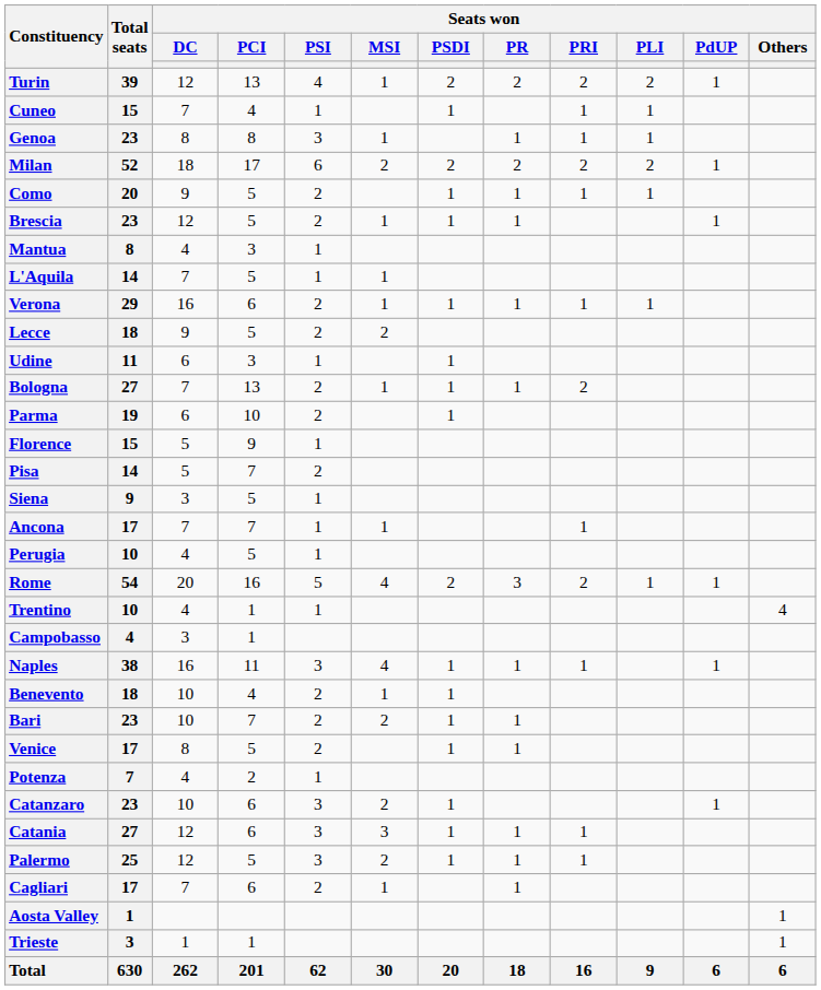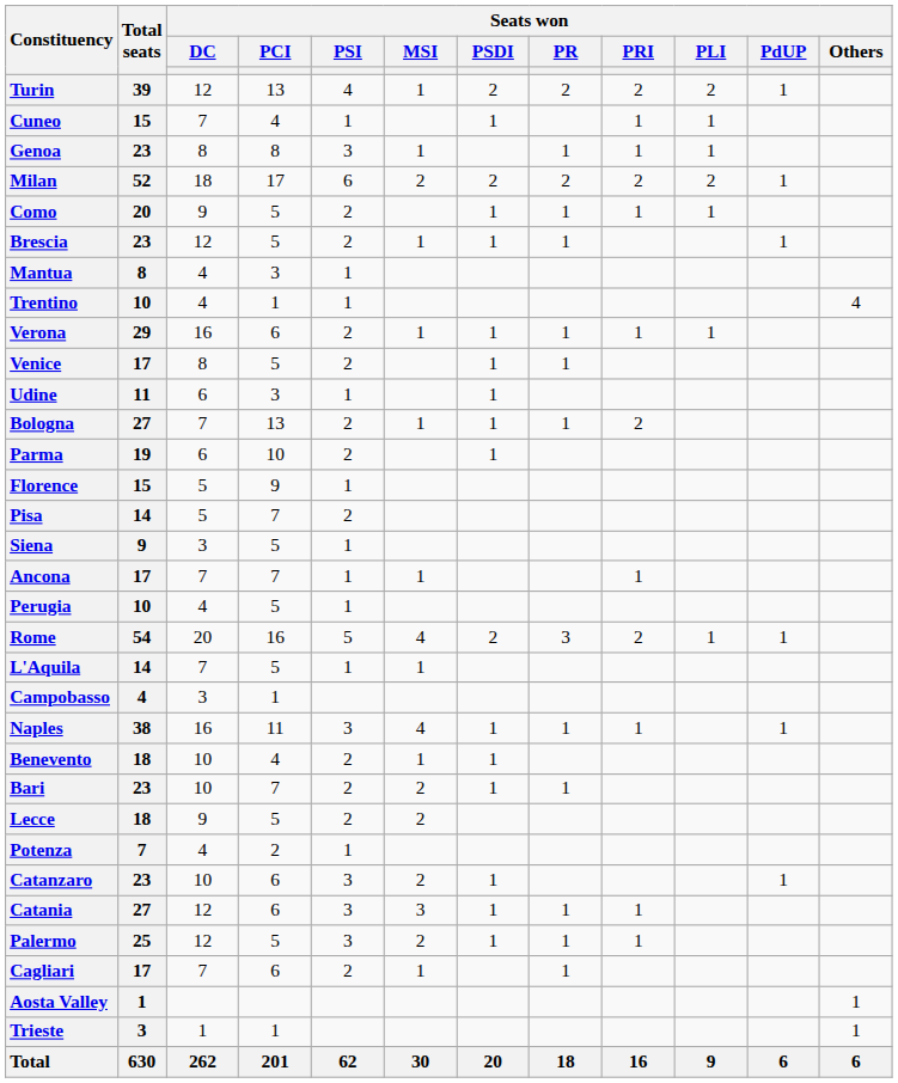 <table class="wikitable" style="text-align:center; font-size: 0.9em">
 <tr>
 <th rowspan="3">Constituency</th>
 <th rowspan="3">Total<br>seats</th>
 <th colspan="10">Seats won</th>
 </tr>
 <tr>
 <th class="unsortable" style="width:50px;"><a href='#'>DC</a></th>
 <th class="unsortable" style="width:50px;"><a href='#'>PCI</a></th>
 <th class="unsortable" style="width:50px;"><a href='#'>PSI</a></th>
 <th class="unsortable" style="width:50px;"><a href='#'>MSI</a></th>
 <th class="unsortable" style="width:50px;"><a href='#'>PSDI</a></th>
 <th class="unsortable" style="width:50px;"><a href='#'>PR</a></th>
 <th class="unsortable" style="width:50px;"><a href='#'>PRI</a></th>
 <th class="unsortable" style="width:50px;"><a href='#'>PLI</a></th>
 <th class="unsortable" style="width:50px;"><a href='#'>PdUP</a></th>
 <th class="unsortable" style="width:50px;">Others</th>
 </tr>
 <tr>
 <th style="background:"></th>
 <th style="background:"></th>
 <th style="background:"></th>
 <th style="background:"></th>
 <th style="background:"></th>
 <th style="background:"></th>
 <th style="background:"></th>
 <th style="background:"></th>
 <th style="background:"></th>
 <th style="background:"></th>
 </tr>
 <tr>
 <th style="text-align: left;"><a href='#'>Turin</a></th>
 <th>39</th>
 <td>12</td>
 <td>13</td>
 <td>4</td>
 <td>1</td>
 <td>2</td>
 <td>2</td>
 <td>2</td>
 <td>2</td>
 <td>1</td>
 <td></td>
 </tr>
 <tr>
 <th style="text-align: left;"><a href='#'>Cuneo</a></th>
 <th>15</th>
 <td>7</td>
 <td>4</td>
 <td>1</td>
 <td></td>
 <td>1</td>
 <td></td>
 <td>1</td>
 <td>1</td>
 <td></td>
 <td></td>
 </tr>
 <tr>
 <th style="text-align: left;"><a href='#'>Genoa</a></th>
 <th>23</th>
 <td>8</td>
 <td>8</td>
 <td>3</td>
 <td>1</td>
 <td></td>
 <td>1</td>
 <td>1</td>
 <td>1</td>
 <td></td>
 <td></td>
 </tr>
 <tr>
 <th style="text-align: left;"><a href='#'>Milan</a></th>
 <th>52</th>
 <td>18</td>
 <td>17</td>
 <td>6</td>
 <td>2</td>
 <td>2</td>
 <td>2</td>
 <td>2</td>
 <td>2</td>
 <td>1</td>
 <td></td>
 </tr>
 <tr>
 <th style="text-align: left;"><a href='#'>Como</a></th>
 <th>20</th>
 <td>9</td>
 <td>5</td>
 <td>2</td>
 <td></td>
 <td>1</td>
 <td>1</td>
 <td>1</td>
 <td>1</td>
 <td></td>
 <td></td>
 </tr>
 <tr>
 <th style="text-align: left;"><a href='#'>Brescia</a></th>
 <th>23</th>
 <td>12</td>
 <td>5</td>
 <td>2</td>
 <td>1</td>
 <td>1</td>
 <td>1</td>
 <td></td>
 <td></td>
 <td>1</td>
 <td></td>
 </tr>
 <tr>
 <th style="text-align: left;"><a href='#'>Mantua</a></th>
 <th>8</th>
 <td>4</td>
 <td>3</td>
 <td>1</td>
 <td></td>
 <td></td>
 <td></td>
 <td></td>
 <td></td>
 <td></td>
 <td></td>
 </tr>
 <tr>
-<th style="text-align: left;"><a href='#'>L'Aquila</a></th>
-<th>14</th>
-<td>7</td>
-<td>5</td>
+<th style="text-align: left;"><a href='#'>Trentino</a></th>
+<th>10</th>
+<td>4</td>
 <td>1</td>
 <td>1</td>
 <td></td>
 <td></td>
 <td></td>
 <td></td>
 <td></td>
 <td></td>
+<td>4</td>
 </tr>
 <tr>
 <th style="text-align: left;"><a href='#'>Verona</a></th>
 <th>29</th>
 <td>16</td>
 <td>6</td>
 <td>2</td>
 <td>1</td>
 <td>1</td>
 <td>1</td>
 <td>1</td>
 <td>1</td>
 <td></td>
 <td></td>
 </tr>
 <tr>
-<th style="text-align: left;"><a href='#'>Lecce</a></th>
-<th>18</th>
-<td>9</td>
+<th style="text-align: left;"><a href='#'>Venice</a></th>
+<th>17</th>
+<td>8</td>
 <td>5</td>
 <td>2</td>
-<td>2</td>
 <td></td>
-<td></td>
+<td>1</td>
+<td>1</td>
 <td></td>
 <td></td>
 <td></td>
 <td></td>
 </tr>
 <tr>
 <th style="text-align: left;"><a href='#'>Udine</a></th>
 <th>11</th>
 <td>6</td>
 <td>3</td>
 <td>1</td>
 <td></td>
 <td>1</td>
 <td></td>
 <td></td>
 <td></td>
 <td></td>
 <td></td>
 </tr>
 <tr>
 <th style="text-align: left;"><a href='#'>Bologna</a></th>
 <th>27</th>
 <td>7</td>
 <td>13</td>
 <td>2</td>
 <td>1</td>
 <td>1</td>
 <td>1</td>
 <td>2</td>
 <td></td>
 <td></td>
 <td></td>
 </tr>
 <tr>
 <th style="text-align: left;"><a href='#'>Parma</a></th>
 <th>19</th>
 <td>6</td>
 <td>10</td>
 <td>2</td>
 <td></td>
 <td>1</td>
 <td></td>
 <td></td>
 <td></td>
 <td></td>
 <td></td>
 </tr>
 <tr>
 <th style="text-align: left;"><a href='#'>Florence</a></th>
 <th>15</th>
 <td>5</td>
 <td>9</td>
 <td>1</td>
 <td></td>
 <td></td>
 <td></td>
 <td></td>
 <td></td>
 <td></td>
 <td></td>
 </tr>
 <tr>
 <th style="text-align: left;"><a href='#'>Pisa</a></th>
 <th>14</th>
 <td>5</td>
 <td>7</td>
 <td>2</td>
 <td></td>
 <td></td>
 <td></td>
 <td></td>
 <td></td>
 <td></td>
 <td></td>
 </tr>
 <tr>
 <th style="text-align: left;"><a href='#'>Siena</a></th>
 <th>9</th>
 <td>3</td>
 <td>5</td>
 <td>1</td>
 <td></td>
 <td></td>
 <td></td>
 <td></td>
 <td></td>
 <td></td>
 <td></td>
 </tr>
 <tr>
 <th style="text-align: left;"><a href='#'>Ancona</a></th>
 <th>17</th>
 <td>7</td>
 <td>7</td>
 <td>1</td>
 <td>1</td>
 <td></td>
 <td></td>
 <td>1</td>
 <td></td>
 <td></td>
 <td></td>
 </tr>
 <tr>
 <th style="text-align: left;"><a href='#'>Perugia</a></th>
 <th>10</th>
 <td>4</td>
 <td>5</td>
 <td>1</td>
 <td></td>
 <td></td>
 <td></td>
 <td></td>
 <td></td>
 <td></td>
 <td></td>
 </tr>
 <tr>
 <th style="text-align: left;"><a href='#'>Rome</a></th>
 <th>54</th>
 <td>20</td>
 <td>16</td>
 <td>5</td>
 <td>4</td>
 <td>2</td>
 <td>3</td>
 <td>2</td>
 <td>1</td>
 <td>1</td>
 <td></td>
 </tr>
 <tr>
-<th style="text-align: left;"><a href='#'>Trentino</a></th>
-<th>10</th>
-<td>4</td>
+<th style="text-align: left;"><a href='#'>L'Aquila</a></th>
+<th>14</th>
+<td>7</td>
+<td>5</td>
 <td>1</td>
 <td>1</td>
 <td></td>
 <td></td>
 <td></td>
 <td></td>
 <td></td>
 <td></td>
-<td>4</td>
 </tr>
 <tr>
 <th style="text-align: left;"><a href='#'>Campobasso</a></th>
 <th>4</th>
 <td>3</td>
 <td>1</td>
 <td></td>
 <td></td>
 <td></td>
 <td></td>
 <td></td>
 <td></td>
 <td></td>
 <td></td>
 </tr>
 <tr>
 <th style="text-align: left;"><a href='#'>Naples</a></th>
 <th>38</th>
 <td>16</td>
 <td>11</td>
 <td>3</td>
 <td>4</td>
 <td>1</td>
 <td>1</td>
 <td>1</td>
 <td></td>
 <td>1</td>
 <td></td>
 </tr>
 <tr>
 <th style="text-align: left;"><a href='#'>Benevento</a></th>
 <th>18</th>
 <td>10</td>
 <td>4</td>
 <td>2</td>
 <td>1</td>
 <td>1</td>
 <td></td>
 <td></td>
 <td></td>
 <td></td>
 <td></td>
 </tr>
 <tr>
 <th style="text-align: left;"><a href='#'>Bari</a></th>
 <th>23</th>
 <td>10</td>
 <td>7</td>
 <td>2</td>
 <td>2</td>
 <td>1</td>
 <td>1</td>
 <td></td>
 <td></td>
 <td></td>
 <td></td>
 </tr>
 <tr>
-<th style="text-align: left;"><a href='#'>Venice</a></th>
-<th>17</th>
-<td>8</td>
+<th style="text-align: left;"><a href='#'>Lecce</a></th>
+<th>18</th>
+<td>9</td>
 <td>5</td>
 <td>2</td>
+<td>2</td>
 <td></td>
-<td>1</td>
-<td>1</td>
+<td></td>
 <td></td>
 <td></td>
 <td></td>
 <td></td>
 </tr>
 <tr>
 <th style="text-align: left;"><a href='#'>Potenza</a></th>
 <th>7</th>
 <td>4</td>
 <td>2</td>
 <td>1</td>
 <td></td>
 <td></td>
 <td></td>
 <td></td>
 <td></td>
 <td></td>
 <td></td>
 </tr>
 <tr>
 <th style="text-align: left;"><a href='#'>Catanzaro</a></th>
 <th>23</th>
 <td>10</td>
 <td>6</td>
 <td>3</td>
 <td>2</td>
 <td>1</td>
 <td></td>
 <td></td>
 <td></td>
 <td>1</td>
 <td></td>
 </tr>
 <tr>
 <th style="text-align: left;"><a href='#'>Catania</a></th>
 <th>27</th>
 <td>12</td>
 <td>6</td>
 <td>3</td>
 <td>3</td>
 <td>1</td>
 <td>1</td>
 <td>1</td>
 <td></td>
 <td></td>
 <td></td>
 </tr>
 <tr>
 <th style="text-align: left;"><a href='#'>Palermo</a></th>
 <th>25</th>
 <td>12</td>
 <td>5</td>
 <td>3</td>
 <td>2</td>
 <td>1</td>
 <td>1</td>
 <td>1</td>
 <td></td>
 <td></td>
 <td></td>
 </tr>
 <tr>
 <th style="text-align: left;"><a href='#'>Cagliari</a></th>
 <th>17</th>
 <td>7</td>
 <td>6</td>
 <td>2</td>
 <td>1</td>
 <td></td>
 <td>1</td>
 <td></td>
 <td></td>
 <td></td>
 <td></td>
 </tr>
 <tr>
 <th style="text-align: left;"><a href='#'>Aosta Valley</a></th>
 <th>1</th>
 <td></td>
 <td></td>
 <td></td>
 <td></td>
 <td></td>
 <td></td>
 <td></td>
 <td></td>
 <td></td>
 <td>1</td>
 </tr>
 <tr>
 <th style="text-align: left;"><a href='#'>Trieste</a></th>
 <th>3</th>
 <td>1</td>
 <td>1</td>
 <td></td>
 <td></td>
 <td></td>
 <td></td>
 <td></td>
 <td></td>
 <td></td>
 <td>1</td>
 </tr>
 <tr>
 <th style="text-align: left;">Total</th>
 <th>630</th>
 <th>262</th>
 <th>201</th>
 <th>62</th>
 <th>30</th>
 <th>20</th>
 <th>18</th>
 <th>16</th>
 <th>9</th>
 <th>6</th>
 <th>6</th>
 </tr>
 </table>
